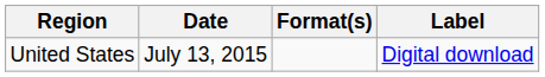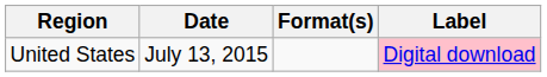 <table class="wikitable">
 <tr>
 <th>Region</th>
 <th>Date</th>
 <th>Format(s)</th>
 <th>Label</th>
 </tr>
 <tr>
 <td rowspan="2">United States</td>
 <td>July 13, 2015</td>
 <td rowspan="1"></td>
-<td><a href='#'>Digital download</a></td>
+<td style="background: pink;"><a href='#'>Digital download</a></td>
 </tr>
 </table>
